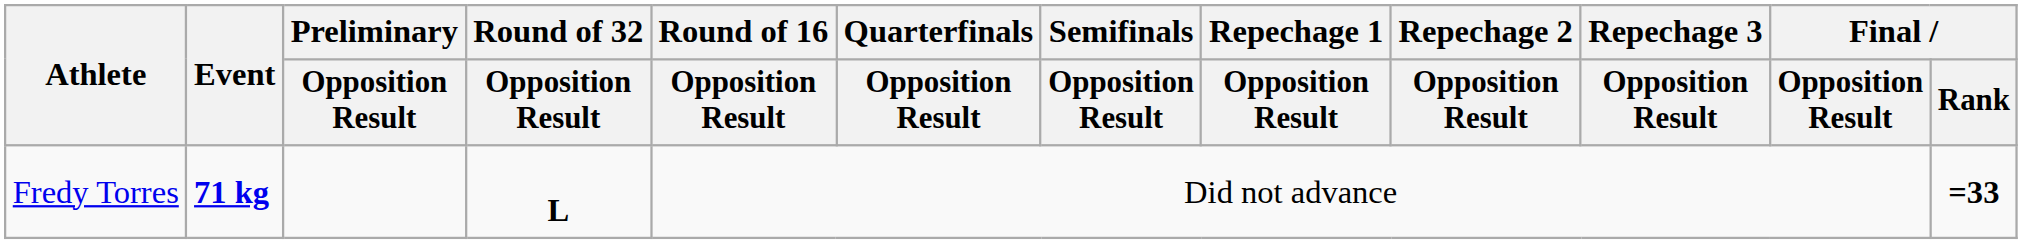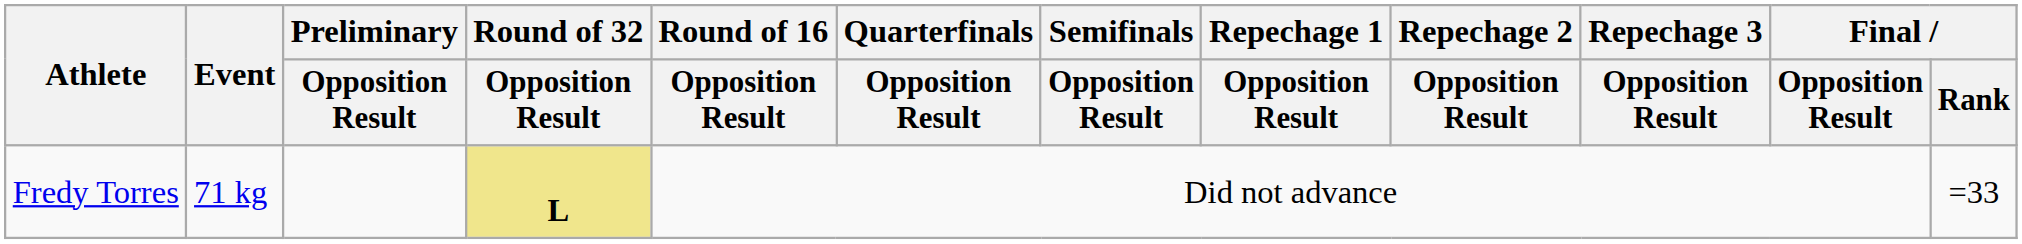 <table class="wikitable" style="font-size:90%">
 <tr>
 <th rowspan="2">Athlete</th>
 <th rowspan="2">Event</th>
 <th>Preliminary</th>
 <th>Round of 32</th>
 <th>Round of 16</th>
 <th>Quarterfinals</th>
 <th>Semifinals</th>
 <th>Repechage 1</th>
 <th>Repechage 2</th>
 <th>Repechage 3</th>
 <th colspan=2>Final / </th>
 </tr>
 <tr style="font-size:95%">
 <th>Opposition<br>Result</th>
 <th>Opposition<br>Result</th>
 <th>Opposition<br>Result</th>
 <th>Opposition<br>Result</th>
 <th>Opposition<br>Result</th>
 <th>Opposition<br>Result</th>
 <th>Opposition<br>Result</th>
 <th>Opposition<br>Result</th>
 <th>Opposition<br>Result</th>
 <th>Rank</th>
 </tr>
 <tr align=center>
 <td align=left><a href='#'>Fredy Torres</a></td>
-<td align=left><strong><a href='#'>71 kg</a></strong></td>
+<td align=left><a href='#'>71 kg</a></td>
 <td></td>
-<td><br><strong>L</strong></td>
+<td style="background: khaki;"><br><strong>L</strong></td>
 <td colspan=7>Did not advance</td>
-<td><strong>=33</strong></td>
+<td>=33</td>
 </tr>
 </table>
